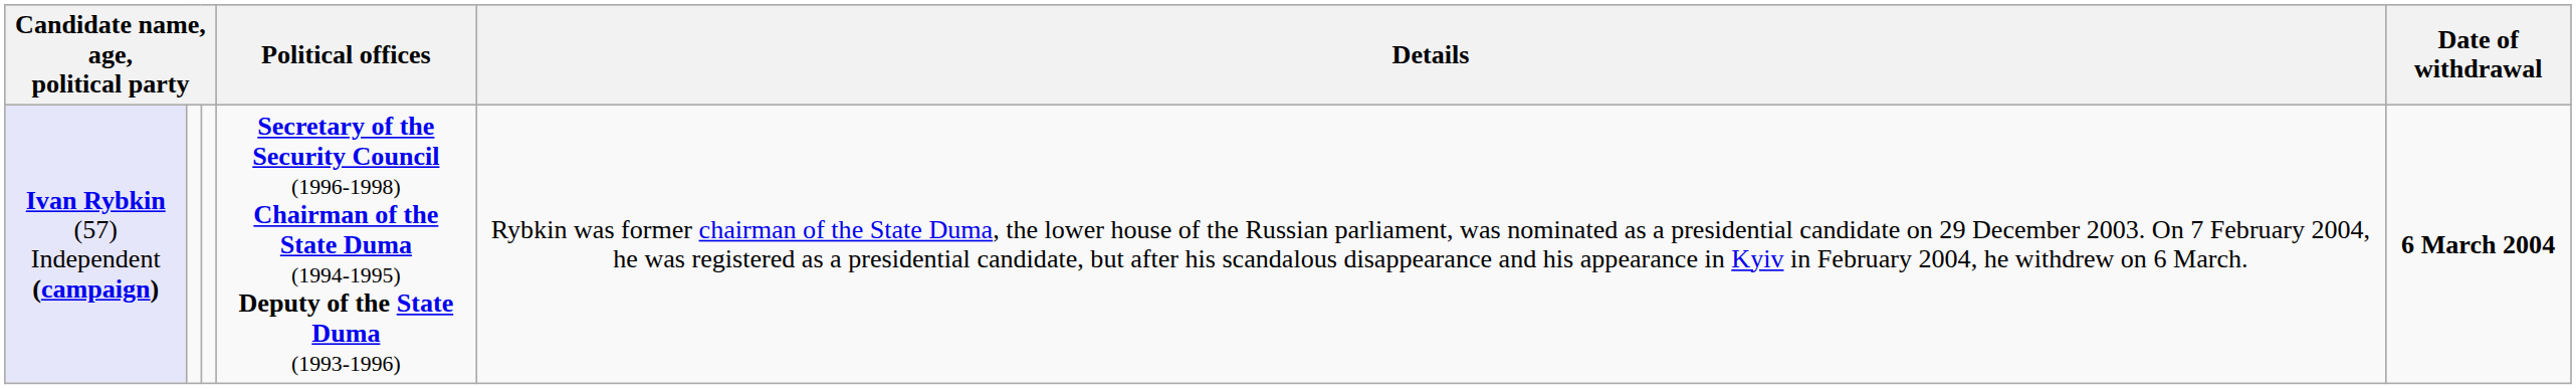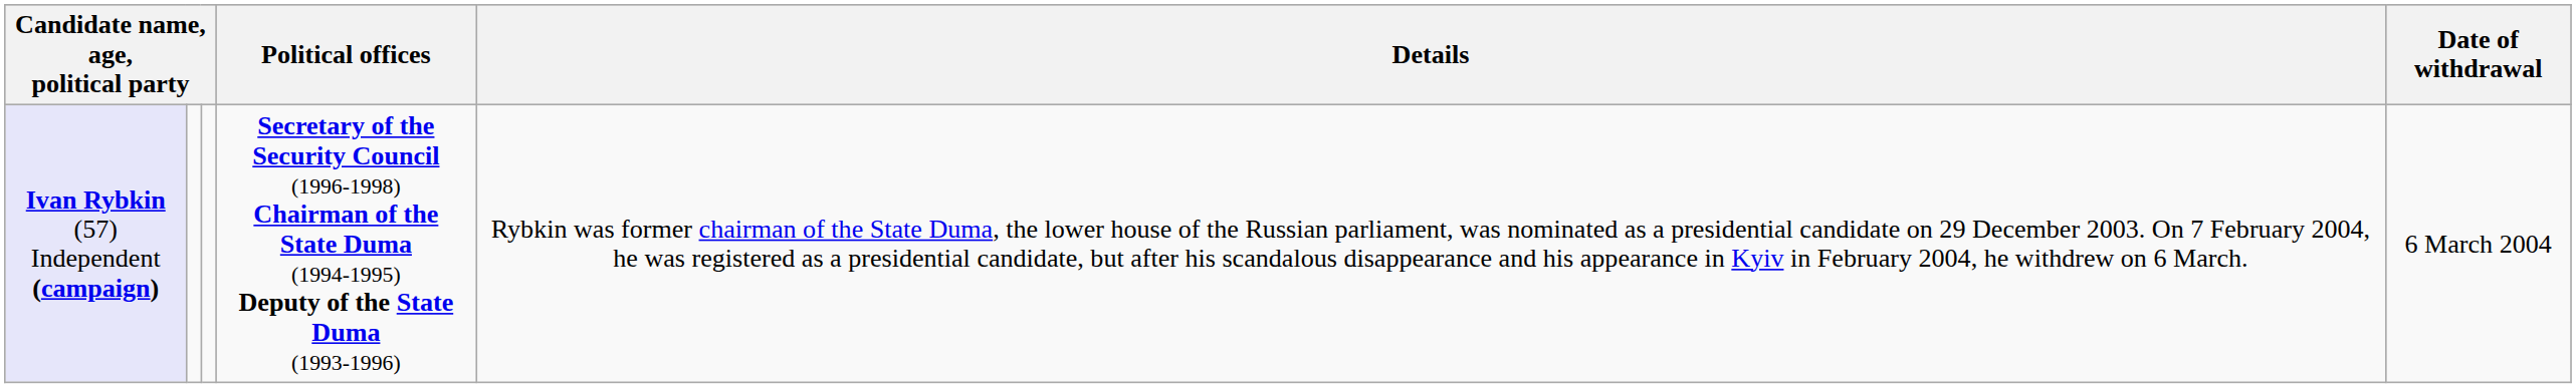 <table class="wikitable" style="text-align:center;">
 <tr>
 <th colspan="3">Candidate name, age,<br>political party</th>
 <th>Political offices</th>
 <th>Details</th>
 <th>Date of withdrawal</th>
 </tr>
 <tr>
 <td style="background:lavender;"><strong><a href='#'>Ivan Rybkin</a></strong><br>(57)<br>Independent<br><strong>(<a href='#'>campaign</a>)</strong></td>
 <td></td>
 <td style="background-color:"></td>
 <td><strong><a href='#'>Secretary of the Security Council</a></strong><br><small>(1996-1998)</small><br><strong><a href='#'>Chairman of the State Duma</a></strong><br><small>(1994-1995)</small><br><strong>Deputy of the <a href='#'>State Duma</a></strong><br><small>(1993-1996)</small></td>
 <td>Rybkin was former <a href='#'>chairman of the State Duma</a>, the lower house of the Russian parliament, was nominated as a presidential candidate on 29 December 2003. On 7 February 2004, he was registered as a presidential candidate, but after his scandalous disappearance and his appearance in <a href='#'>Kyiv</a> in February 2004, he withdrew on 6 March.</td>
-<td><strong>6 March 2004</strong></td>
+<td>6 March 2004</td>
 </tr>
 </table>
